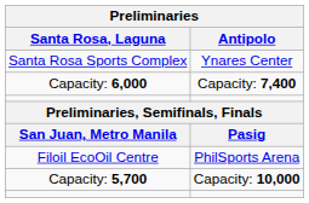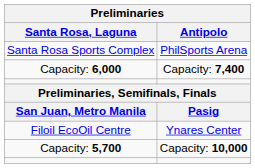 <table class="wikitable" style="text-align:center">
 <tr>
 <th colspan="2" width=300>Preliminaries</th>
 </tr>
 <tr>
 <th><a href='#'>Santa Rosa, Laguna</a></th>
 <th><a href='#'>Antipolo</a></th>
 </tr>
 <tr>
 <td><a href='#'>Santa Rosa Sports Complex</a></td>
-<td><a href='#'>Ynares Center</a></td>
+<td><a href='#'>PhilSports Arena</a></td>
 </tr>
 <tr>
 <td>Capacity: <strong>6,000</strong></td>
 <td>Capacity: <strong>7,400</strong></td>
 </tr>
 <tr>
 <td></td>
 <td></td>
 </tr>
 <tr>
 <th colspan="2" width=300>Preliminaries, Semifinals, Finals</th>
 </tr>
 <tr>
 <th><a href='#'>San Juan, Metro Manila</a></th>
 <th><a href='#'>Pasig</a></th>
 </tr>
 <tr>
 <td><a href='#'>Filoil EcoOil Centre</a></td>
-<td><a href='#'>PhilSports Arena</a></td>
+<td><a href='#'>Ynares Center</a></td>
 </tr>
 <tr>
 <td>Capacity: <strong>5,700</strong></td>
 <td>Capacity: <strong>10,000</strong></td>
 </tr>
 <tr>
 <td></td>
 <td></td>
 </tr>
 </table>
